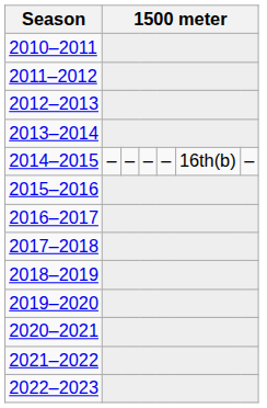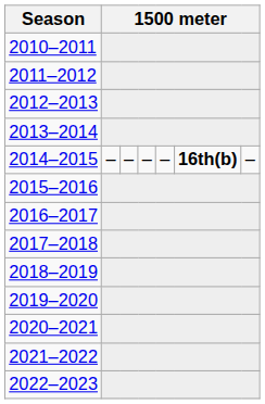 <table class="wikitable" style="display: inline-table;">
 <tr>
 <th>Season</th>
 <th colspan="6">1500 meter</th>
 </tr>
 <tr>
 <td><a href='#'>2010–2011</a></td>
 <td colspan="6" bgcolor=#EEEEEE></td>
 </tr>
 <tr>
 <td><a href='#'>2011–2012</a></td>
 <td colspan="6" bgcolor=#EEEEEE></td>
 </tr>
 <tr>
 <td><a href='#'>2012–2013</a></td>
 <td colspan="6" bgcolor=#EEEEEE></td>
 </tr>
 <tr>
 <td><a href='#'>2013–2014</a></td>
 <td colspan="6" bgcolor=#EEEEEE></td>
 </tr>
 <tr>
 <td><a href='#'>2014–2015</a></td>
 <td>–</td>
 <td>–</td>
 <td>–</td>
 <td>–</td>
-<td>16th(b)</td>
+<td><strong>16th(b)</strong></td>
 <td>–</td>
 </tr>
 <tr>
 <td><a href='#'>2015–2016</a></td>
 <td colspan="6" bgcolor=#EEEEEE></td>
 </tr>
 <tr>
 <td><a href='#'>2016–2017</a></td>
 <td colspan="6" bgcolor=#EEEEEE></td>
 </tr>
 <tr>
 <td><a href='#'>2017–2018</a></td>
 <td colspan="6" bgcolor=#EEEEEE></td>
 </tr>
 <tr>
 <td><a href='#'>2018–2019</a></td>
 <td colspan="6" bgcolor=#EEEEEE></td>
 </tr>
 <tr>
 <td><a href='#'>2019–2020</a></td>
 <td colspan="6" bgcolor=#EEEEEE></td>
 </tr>
 <tr>
 <td><a href='#'>2020–2021</a></td>
 <td colspan="6" bgcolor=#EEEEEE></td>
 </tr>
 <tr>
 <td><a href='#'>2021–2022</a></td>
 <td colspan="6" bgcolor=#EEEEEE></td>
 </tr>
 <tr>
 <td><a href='#'>2022–2023</a></td>
 <td colspan="6" bgcolor=#EEEEEE></td>
 </tr>
 </table>
